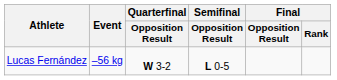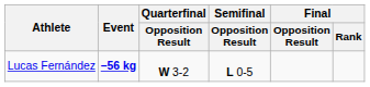 <table class=wikitable style=font-size:90%;text-align:center>
 <tr>
 <th rowspan=2>Athlete</th>
 <th rowspan=2>Event</th>
 <th>Quarterfinal</th>
 <th>Semifinal</th>
 <th colspan=2>Final</th>
 </tr>
 <tr style=font-size:95%>
 <th>Opposition<br>Result</th>
 <th>Opposition<br>Result</th>
 <th>Opposition<br>Result</th>
 <th>Rank</th>
 </tr>
 <tr>
 <td align=left><a href='#'>Lucas Fernández</a></td>
-<td align=left><a href='#'>–56 kg</a></td>
+<td align=left><strong><a href='#'>–56 kg</a></strong></td>
 <td><br><strong>W</strong> 3-2</td>
 <td><br><strong>L</strong> 0-5</td>
 <td></td>
 <td></td>
 </tr>
 </table>
